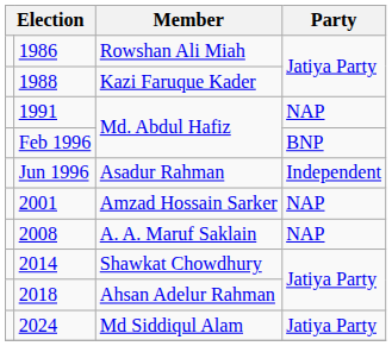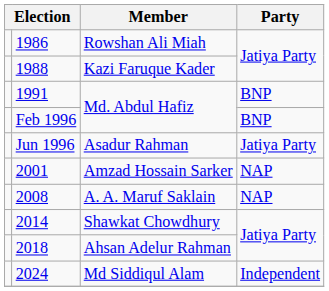 <table class="wikitable">
 <tr>
 <th colspan="2">Election</th>
 <th>Member</th>
 <th>Party</th>
 </tr>
 <tr>
 <td style="background-color:"></td>
 <td><a href='#'>1986</a></td>
 <td><a href='#'>Rowshan Ali Miah</a></td>
 <td rowspan="2"><a href='#'>Jatiya Party</a></td>
 </tr>
 <tr>
 <td style="background-color:"></td>
 <td><a href='#'>1988</a></td>
 <td><a href='#'>Kazi Faruque Kader</a></td>
 </tr>
 <tr>
 <td style="background-color:"></td>
 <td><a href='#'>1991</a></td>
 <td rowspan="2"><a href='#'>Md. Abdul Hafiz</a></td>
-<td><a href='#'>NAP</a></td>
+<td><a href='#'>BNP</a></td>
 </tr>
 <tr>
 <td style="background-color:"></td>
 <td><a href='#'>Feb 1996</a></td>
 <td><a href='#'>BNP</a></td>
 </tr>
 <tr>
 <td style="background-color:"></td>
 <td><a href='#'>Jun 1996</a></td>
 <td><a href='#'>Asadur Rahman</a></td>
-<td><a href='#'>Independent</a></td>
+<td><a href='#'>Jatiya Party</a></td>
 </tr>
 <tr>
 <td style="background-color:"></td>
 <td><a href='#'>2001</a></td>
 <td><a href='#'>Amzad Hossain Sarker</a></td>
 <td><a href='#'>NAP</a></td>
 </tr>
 <tr>
 <td style="background-color:"></td>
 <td><a href='#'>2008</a></td>
 <td><a href='#'>A. A. Maruf Saklain</a></td>
 <td><a href='#'>NAP</a></td>
 </tr>
 <tr>
 <td style="background-color:"></td>
 <td><a href='#'>2014</a></td>
 <td><a href='#'>Shawkat Chowdhury</a></td>
 <td rowspan="2"><a href='#'>Jatiya Party</a></td>
 </tr>
 <tr>
 <td style="background-color:"></td>
 <td><a href='#'>2018</a></td>
 <td><a href='#'>Ahsan Adelur Rahman</a></td>
 </tr>
 <tr>
 <td style="background-color:"></td>
 <td><a href='#'>2024</a></td>
 <td><a href='#'>Md Siddiqul Alam</a></td>
-<td><a href='#'>Jatiya Party</a></td>
+<td><a href='#'>Independent</a></td>
 </tr>
 <tr>
 </tr>
 </table>
